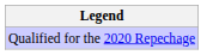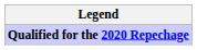 <table class="wikitable">
 <tr>
 <th>Legend</th>
 </tr>
 <tr bgcolor=ccccff>
-<td>Qualified for the <a href='#'>2020 Repechage</a></td>
+<td><strong>Qualified for the <a href='#'>2020 Repechage</a></strong></td>
 </tr>
 </table>
